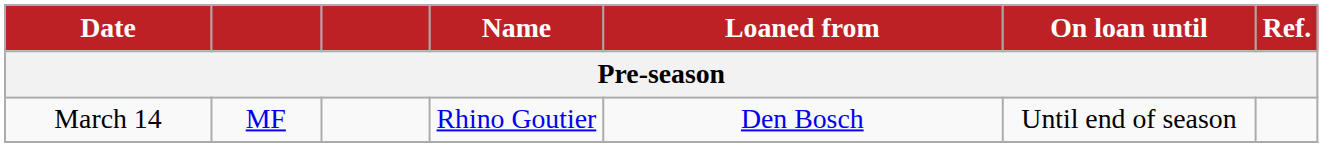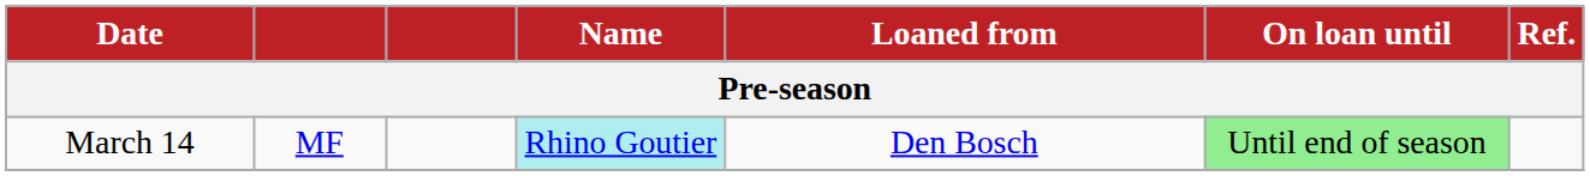 <table class="wikitable" style="text-align:center; font-size:90%">
 <tr>
 <th style="background:#BE2125; color:#FFFFFF; width:100px;">Date</th>
 <th style="background:#BE2125; color:#FFFFFF; width:50px;"></th>
 <th style="background:#BE2125; color:#FFFFFF; width:50px;"></th>
 <th style="background:#BE2125; color:#FFFFFF; width:125;">Name</th>
 <th style="background:#BE2125; color:#FFFFFF; width:200px;">Loaned from</th>
 <th style="background:#BE2125; color:#FFFFFF; width:125px;">On loan until</th>
 <th style="background:#BE2125; color:#FFFFFF; width:25px;">Ref.</th>
 </tr>
 <tr>
 <th colspan=7>Pre-season</th>
 </tr>
 <tr>
 <td>March 14</td>
 <td><a href='#'>MF</a></td>
 <td></td>
-<td><a href='#'>Rhino Goutier</a></td>
+<td style="background: paleturquoise;"><a href='#'>Rhino Goutier</a></td>
 <td> <a href='#'>Den Bosch</a></td>
-<td>Until end of season</td>
+<td style="background: lightgreen;">Until end of season</td>
 <td></td>
 </tr>
 <tr>
 </tr>
 </table>
